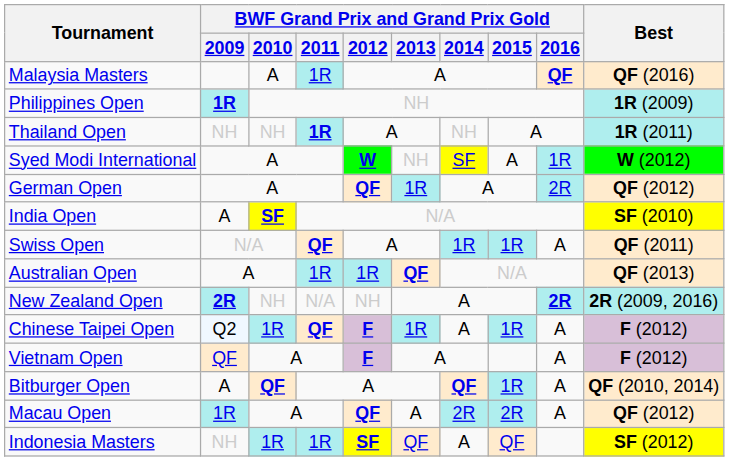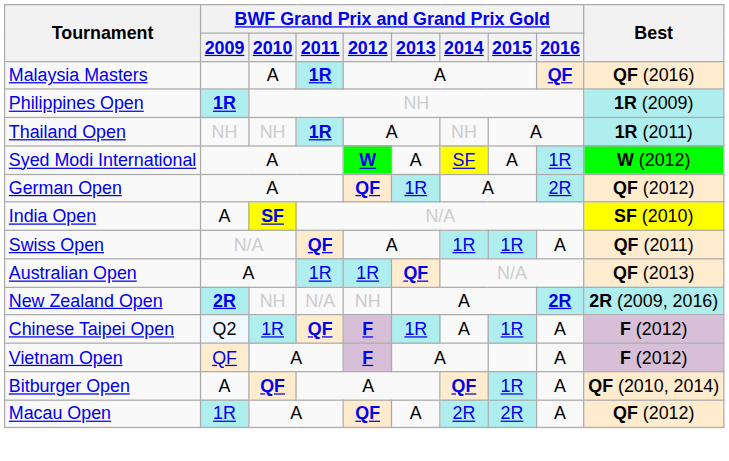 <table class="wikitable" style="font-size: 90%; text-align:center">
 <tr>
 <th rowspan="2">Tournament</th>
 <th colspan="8"><strong><a href='#'>BWF Grand Prix and Grand Prix Gold</a></strong></th>
 <th rowspan="2">Best</th>
 </tr>
 <tr>
 <th><a href='#'>2009</a></th>
 <th><a href='#'>2010</a></th>
 <th><a href='#'>2011</a></th>
 <th><a href='#'>2012</a></th>
 <th><a href='#'>2013</a></th>
 <th><a href='#'>2014</a></th>
 <th><a href='#'>2015</a></th>
 <th><a href='#'>2016</a></th>
 </tr>
 <tr>
 <td align=left><a href='#'>Malaysia Masters</a></td>
 <td></td>
 <td>A</td>
-<td bgcolor=AFEEEE><a href='#'>1R</a></td>
+<td bgcolor=AFEEEE><strong><a href='#'>1R</a></strong></td>
 <td colspan="4">A</td>
 <td bgcolor=FFEBCD><a href='#'><strong>QF</strong></a></td>
 <td bgcolor=FFEBCD><strong>QF</strong> (2016)</td>
 </tr>
 <tr>
 <td align=left><a href='#'>Philippines Open</a></td>
 <td bgcolor=AFEEEE><a href='#'><strong>1R</strong></a></td>
 <td colspan="7" style="color:#ccc;">NH</td>
 <td bgcolor=AFEEEE><strong>1R</strong> (2009)</td>
 </tr>
 <tr>
 <td align=left><a href='#'>Thailand Open</a></td>
 <td style="color:#ccc;">NH</td>
 <td style="color:#ccc;">NH</td>
 <td bgcolor=AFEEEE><a href='#'><strong>1R</strong></a></td>
 <td colspan="2">A</td>
 <td style="color:#ccc;">NH</td>
 <td colspan="2">A</td>
 <td bgcolor=AFEEEE><strong>1R</strong> (2011)</td>
 </tr>
 <tr>
 <td align=left><a href='#'>Syed Modi International</a></td>
 <td colspan="3">A</td>
 <td bgcolor=00FF00><a href='#'><strong>W</strong></a></td>
-<td style="color:#ccc;">NH</td>
+<td>A</td>
 <td bgcolor=FFFF00><a href='#'>SF</a></td>
 <td>A</td>
 <td bgcolor=AFEEEE><a href='#'>1R</a></td>
 <td bgcolor=00FF00><strong>W</strong> (2012)</td>
 </tr>
 <tr>
 <td align=left><a href='#'>German Open</a></td>
 <td colspan="3">A</td>
 <td bgcolor=FFEBCD><a href='#'><strong>QF</strong></a></td>
 <td bgcolor=AFEEEE><a href='#'>1R</a></td>
 <td colspan="2">A</td>
 <td bgcolor=AFEEEE><a href='#'>2R</a></td>
 <td bgcolor=FFEBCD><strong>QF</strong> (2012)</td>
 </tr>
 <tr>
 <td align=left><a href='#'>India Open</a></td>
 <td>A</td>
 <td bgcolor=FFFF00><a href='#'><strong>SF</strong></a></td>
 <td colspan="6" style=color:#ccc>N/A</td>
 <td bgcolor=FFFF00><strong>SF</strong> (2010)</td>
 </tr>
 <tr>
 <td align=left><a href='#'>Swiss Open</a></td>
 <td colspan="2" style=color:#ccc>N/A</td>
 <td bgcolor=FFEBCD><a href='#'><strong>QF</strong></a></td>
 <td colspan="2">A</td>
 <td bgcolor=AFEEEE><a href='#'>1R</a></td>
 <td bgcolor=AFEEEE><a href='#'>1R</a></td>
 <td>A</td>
 <td bgcolor=FFEBCD><strong>QF</strong> (2011)</td>
 </tr>
 <tr>
 <td align=left><a href='#'>Australian Open</a></td>
 <td colspan="2">A</td>
 <td bgcolor=AFEEEE><a href='#'>1R</a></td>
 <td bgcolor=AFEEEE><a href='#'>1R</a></td>
 <td bgcolor=FFEBCD><a href='#'><strong>QF</strong></a></td>
 <td colspan="3" style=color:#ccc>N/A</td>
 <td bgcolor=FFEBCD><strong>QF</strong> (2013)</td>
 </tr>
 <tr>
 <td align=left><a href='#'>New Zealand Open</a></td>
 <td bgcolor=AFEEEE><a href='#'><strong>2R</strong></a></td>
 <td style=color:#ccc>NH</td>
 <td style=color:#ccc>N/A</td>
 <td style=color:#ccc>NH</td>
 <td colspan="3">A</td>
 <td bgcolor=AFEEEE><a href='#'><strong>2R</strong></a></td>
 <td bgcolor=AFEEEE><strong>2R</strong> (2009, 2016)</td>
 </tr>
 <tr>
 <td align=left><a href='#'>Chinese Taipei Open</a></td>
 <td bgcolor=F0F8FF>Q2</td>
 <td bgcolor=AFEEEE><a href='#'>1R</a></td>
 <td bgcolor=FFEBCD><strong><a href='#'>QF</a></strong></td>
 <td bgcolor=D8BFD8><a href='#'><strong>F</strong></a></td>
 <td bgcolor=AFEEEE><a href='#'>1R</a></td>
 <td>A</td>
 <td bgcolor=AFEEEE><a href='#'>1R</a></td>
 <td>A</td>
 <td bgcolor=D8BFD8><strong>F</strong> (2012)</td>
 </tr>
 <tr>
 <td align=left><a href='#'>Vietnam Open</a></td>
 <td bgcolor=FFEBCD><a href='#'>QF</a></td>
 <td colspan="2">A</td>
 <td bgcolor=D8BFD8><a href='#'><strong>F</strong></a></td>
 <td colspan="2">A</td>
 <td></td>
 <td>A</td>
 <td bgcolor=D8BFD8><strong>F</strong> (2012)</td>
 </tr>
 <tr>
 <td align=left><a href='#'>Bitburger Open</a></td>
 <td>A</td>
 <td bgcolor=FFEBCD><a href='#'><strong>QF</strong></a></td>
 <td colspan="3">A</td>
 <td bgcolor=FFEBCD><a href='#'><strong>QF</strong></a></td>
 <td bgcolor=AFEEEE><a href='#'>1R</a></td>
 <td>A</td>
 <td bgcolor=FFEBCD><strong>QF</strong> (2010, 2014)</td>
 </tr>
 <tr>
 <td align=left><a href='#'>Macau Open</a></td>
 <td bgcolor=AFEEEE><a href='#'>1R</a></td>
 <td colspan="2">A</td>
 <td bgcolor=FFEBCD><a href='#'><strong>QF</strong></a></td>
 <td>A</td>
 <td bgcolor=AFEEEE><a href='#'>2R</a></td>
 <td bgcolor=AFEEEE><a href='#'>2R</a></td>
 <td>A</td>
 <td bgcolor=FFEBCD><strong>QF</strong> (2012)</td>
 </tr>
-<tr>
-<td align=left><a href='#'>Indonesia Masters</a></td>
-<td style="color:#ccc;">NH</td>
-<td bgcolor=AFEEEE><a href='#'>1R</a></td>
-<td bgcolor=AFEEEE><a href='#'>1R</a></td>
-<td bgcolor=FFFF00><a href='#'><strong>SF</strong></a></td>
-<td bgcolor=FFEBCD><a href='#'>QF</a></td>
-<td>A</td>
-<td bgcolor=FFEBCD><a href='#'>QF</a></td>
-<td></td>
-<td bgcolor=FFFF00><strong>SF</strong> (2012)</td>
-</tr>
 </table>
